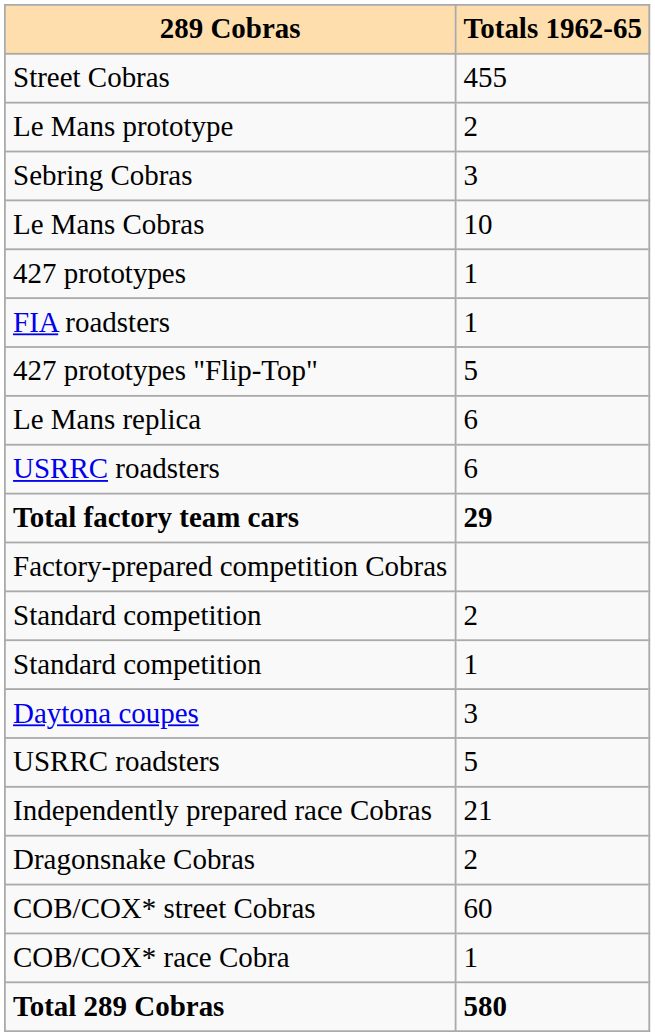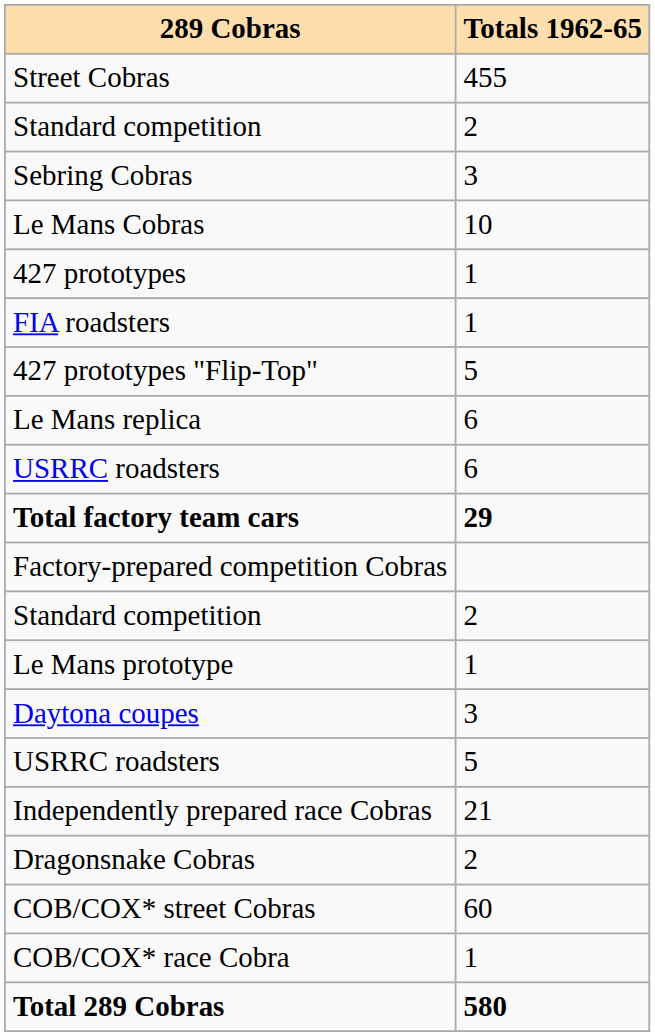 <table border="2" cellpadding="4" cellspacing="0" style="margin: 1em 1em 1em 0; background: #f9f9f9; border: 1px #aaa solid; border-collapse: collapse;">
 <tr ---- style="background:#FFDEAD;">
 <th><strong>289 Cobras</strong></th>
 <th>Totals 1962-65</th>
 </tr>
 <tr>
 <td>Street Cobras</td>
 <td>455</td>
 </tr>
 <tr>
-<td>Le Mans prototype</td>
+<td>Standard competition</td>
 <td>2</td>
 </tr>
 <tr>
 <td>Sebring Cobras</td>
 <td>3</td>
 </tr>
 <tr>
 <td>Le Mans Cobras</td>
 <td>10</td>
 </tr>
 <tr>
 <td>427 prototypes</td>
 <td>1</td>
 </tr>
 <tr>
 <td><a href='#'>FIA</a> roadsters</td>
 <td>1</td>
 </tr>
 <tr>
 <td>427 prototypes "Flip-Top"</td>
 <td>5</td>
 </tr>
 <tr>
 <td>Le Mans replica</td>
 <td>6</td>
 </tr>
 <tr>
 <td><a href='#'>USRRC</a> roadsters</td>
 <td>6</td>
 </tr>
 <tr>
 <td><strong>Total factory team cars</strong></td>
 <td><strong>29</strong></td>
 </tr>
 <tr>
 <td>Factory-prepared competition Cobras</td>
 <td></td>
 </tr>
 <tr>
 <td>Standard competition</td>
 <td>2</td>
 </tr>
 <tr>
-<td>Standard competition</td>
+<td>Le Mans prototype</td>
 <td>1</td>
 </tr>
 <tr>
 <td><a href='#'>Daytona coupes</a></td>
 <td>3</td>
 </tr>
 <tr>
 <td>USRRC roadsters</td>
 <td>5</td>
 </tr>
 <tr>
 <td>Independently prepared race Cobras</td>
 <td>21</td>
 </tr>
 <tr>
 <td>Dragonsnake Cobras</td>
 <td>2</td>
 </tr>
 <tr>
 <td>COB/COX* street Cobras</td>
 <td>60</td>
 </tr>
 <tr>
 <td>COB/COX* race Cobra</td>
 <td>1</td>
 </tr>
 <tr>
 <td><strong>Total 289 Cobras</strong></td>
 <td><strong>580</strong></td>
 </tr>
 </table>
